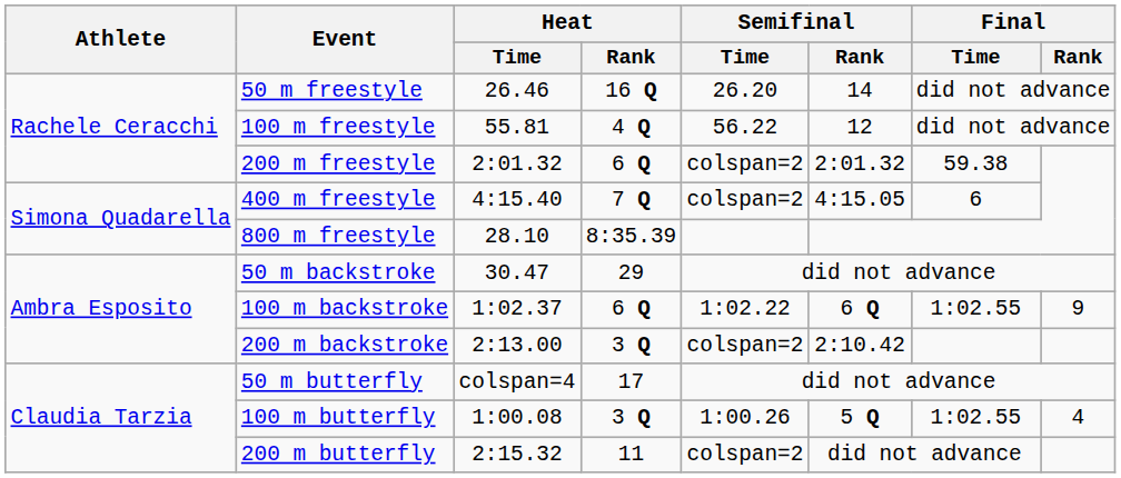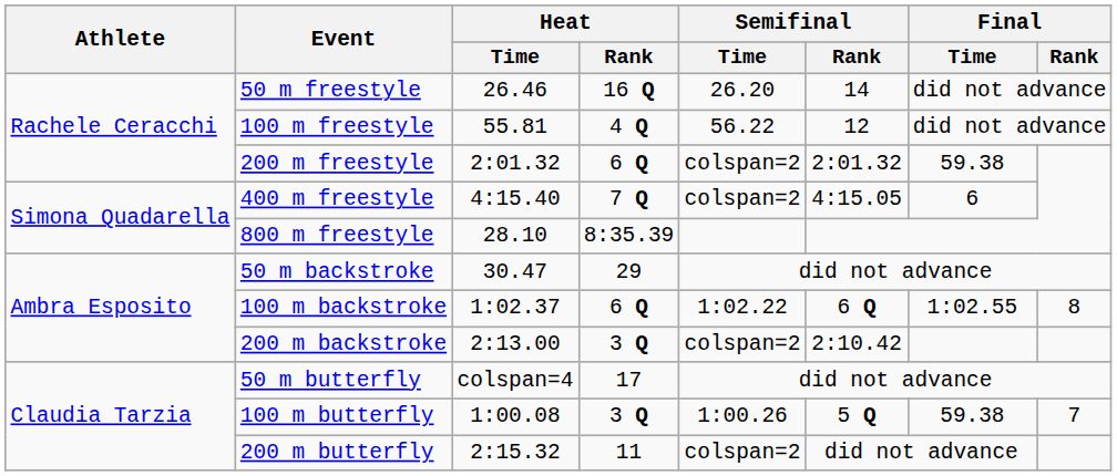 <table class=wikitable style="font-size:90%">
 <tr>
 <th rowspan=2>Athlete</th>
 <th rowspan=2>Event</th>
 <th colspan="2">Heat</th>
 <th colspan="2">Semifinal</th>
 <th colspan="2">Final</th>
 </tr>
 <tr style="font-size:95%">
 <th>Time</th>
 <th>Rank</th>
 <th>Time</th>
 <th>Rank</th>
 <th>Time</th>
 <th>Rank</th>
 </tr>
 <tr align=center>
 <td align=left rowspan=3><a href='#'>Rachele Ceracchi</a></td>
 <td align=left><a href='#'>50 m freestyle</a></td>
 <td>26.46</td>
 <td>16 <strong>Q</strong></td>
 <td>26.20</td>
 <td>14</td>
 <td colspan=2>did not advance</td>
 </tr>
 <tr align=center>
 <td align=left><a href='#'>100 m freestyle</a></td>
 <td>55.81</td>
 <td>4 <strong>Q</strong></td>
 <td>56.22</td>
 <td>12</td>
 <td colspan=2>did not advance</td>
 </tr>
 <tr align=center>
 <td align=left><a href='#'>200 m freestyle</a></td>
 <td>2:01.32</td>
 <td>6 <strong>Q</strong></td>
 <td>colspan=2 </td>
 <td>2:01.32</td>
 <td>59.38</td>
 </tr>
 <tr align=center>
 <td align=left rowspan=2><a href='#'>Simona Quadarella</a></td>
 <td align=left><a href='#'>400 m freestyle</a></td>
 <td>4:15.40</td>
 <td>7 <strong>Q</strong></td>
 <td>colspan=2 </td>
 <td>4:15.05</td>
 <td>6</td>
 </tr>
 <tr align=center>
 <td align=left><a href='#'>800 m freestyle</a></td>
 <td>28.10</td>
 <td>8:35.39</td>
 <td></td>
 </tr>
 <tr align=center>
 <td align=left rowspan=3><a href='#'>Ambra Esposito</a></td>
 <td align=left><a href='#'>50 m backstroke</a></td>
 <td>30.47</td>
 <td>29</td>
 <td colspan=4>did not advance</td>
 </tr>
 <tr align=center>
 <td align=left><a href='#'>100 m backstroke</a></td>
 <td>1:02.37</td>
 <td>6 <strong>Q</strong></td>
 <td>1:02.22</td>
 <td>6 <strong>Q</strong></td>
 <td>1:02.55</td>
-<td>9</td>
+<td>8</td>
 </tr>
 <tr align=center>
 <td align=left><a href='#'>200 m backstroke</a></td>
 <td>2:13.00</td>
 <td>3 <strong>Q</strong></td>
 <td>colspan=2 </td>
 <td>2:10.42</td>
 <td></td>
 </tr>
 <tr align=center>
 <td align=left rowspan=3><a href='#'>Claudia Tarzia</a></td>
 <td align=left><a href='#'>50 m butterfly</a></td>
 <td>colspan=4 </td>
 <td>17</td>
 <td colspan=4>did not advance</td>
 </tr>
 <tr align=center>
 <td align=left><a href='#'>100 m butterfly</a></td>
 <td>1:00.08</td>
 <td>3 <strong>Q</strong></td>
 <td>1:00.26</td>
 <td>5 <strong>Q</strong></td>
-<td>1:02.55</td>
-<td>4</td>
+<td>59.38</td>
+<td>7</td>
 </tr>
 <tr align=center>
 <td align=left><a href='#'>200 m butterfly</a></td>
 <td>2:15.32</td>
 <td>11</td>
 <td>colspan=2 </td>
 <td colspan=2>did not advance</td>
 </tr>
 </table>
